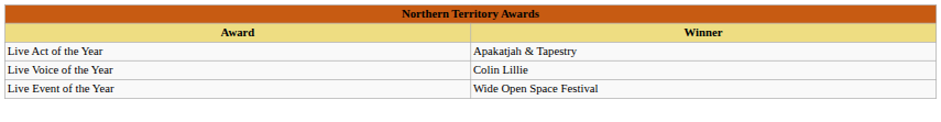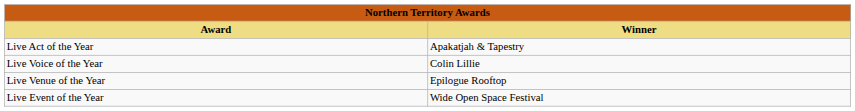 <table class="wikitable" width=100%>
 <tr>
 <th colspan="2" ! style="width:15%;background:#C75B12">Northern Territory Awards</th>
 </tr>
 <tr>
 <th style="width:10%;background:#EEDD82;">Award</th>
 <th style="width:10%;background:#EEDD82;">Winner</th>
 </tr>
 <tr>
 <td>Live Act of the Year</td>
 <td>Apakatjah & Tapestry</td>
 </tr>
 <tr>
 <td>Live Voice of the Year</td>
 <td>Colin Lillie</td>
 </tr>
 <tr>
+<td>Live Venue of the Year</td>
+<td>Epilogue Rooftop</td>
+</tr>
+<tr>
 <td>Live Event of the Year</td>
 <td>Wide Open Space Festival</td>
 </tr>
 </table>
